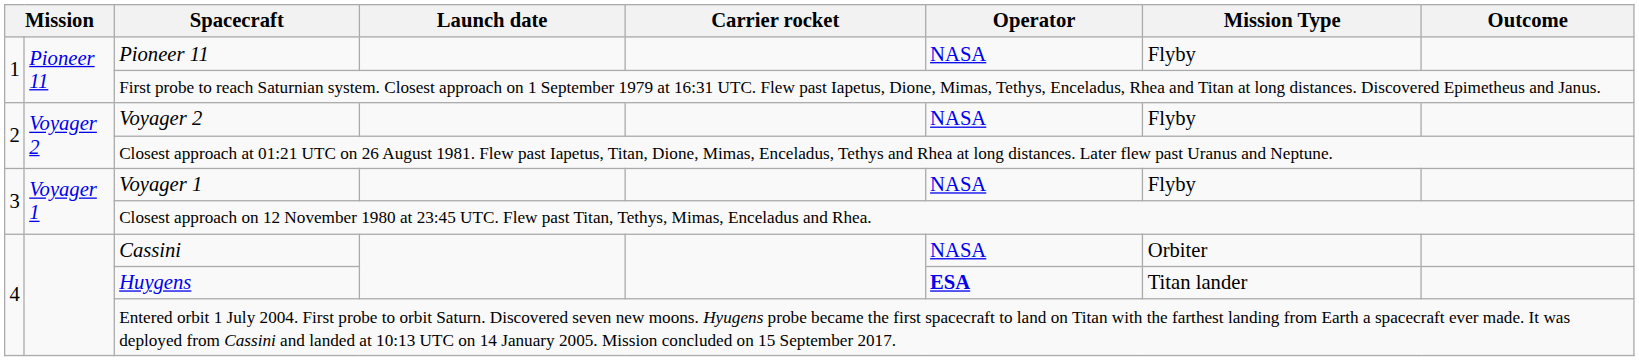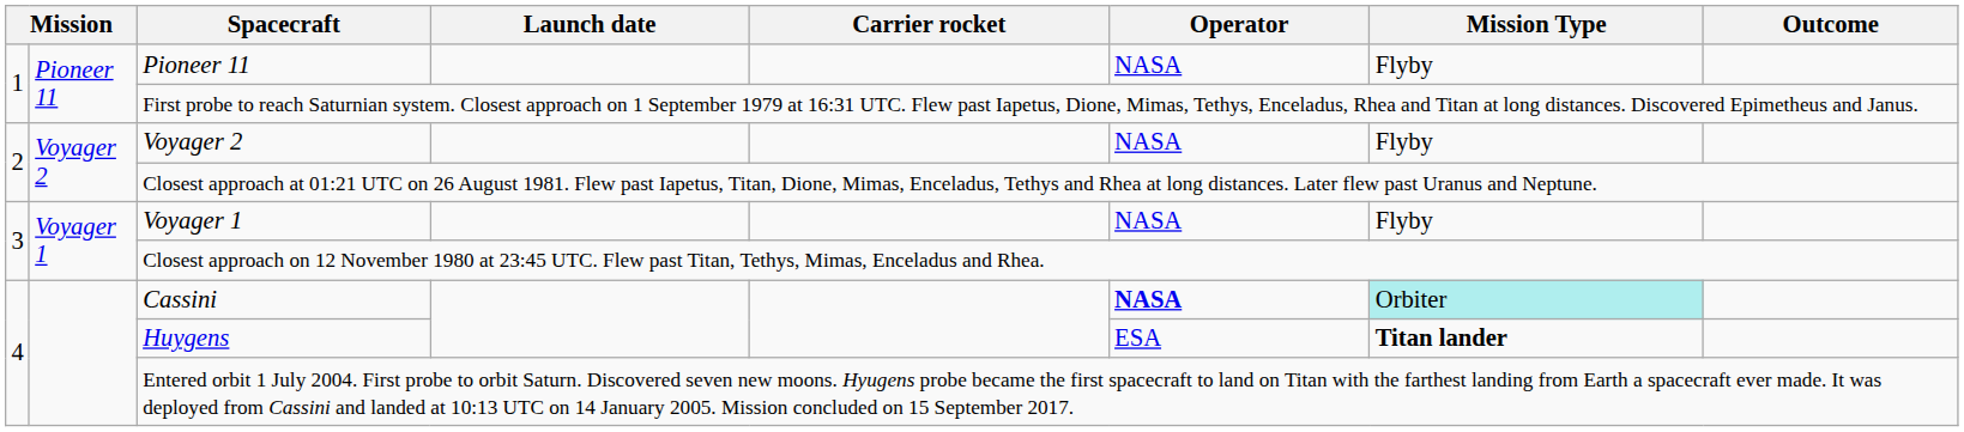 <table class="wikitable sortable sticky-header" style="width:100%">
 <tr>
 <th colspan="2">Mission</th>
 <th>Spacecraft</th>
 <th>Launch date</th>
 <th>Carrier rocket</th>
 <th>Operator</th>
 <th>Mission Type</th>
 <th>Outcome</th>
 </tr>
 <tr>
 <td rowspan="2">1</td>
 <td rowspan="2"><em><a href='#'>Pioneer 11</a></em></td>
 <td><em>Pioneer 11</em></td>
 <td></td>
 <td></td>
 <td> <a href='#'>NASA</a></td>
 <td>Flyby</td>
 <td></td>
 </tr>
 <tr>
 <td colspan="6"><small>First probe to reach Saturnian system. Closest approach on 1 September 1979 at 16:31 UTC. Flew past Iapetus, Dione, Mimas, Tethys, Enceladus, Rhea and Titan at long distances. Discovered Epimetheus and Janus.</small></td>
 </tr>
 <tr>
 <td rowspan="2">2</td>
 <td rowspan="2"><em><a href='#'>Voyager 2</a></em></td>
 <td><em>Voyager 2</em></td>
 <td></td>
 <td></td>
 <td> <a href='#'>NASA</a></td>
 <td>Flyby</td>
 <td></td>
 </tr>
 <tr>
 <td colspan="6"><small>Closest approach at 01:21 UTC on 26 August 1981. Flew past Iapetus, Titan, Dione, Mimas, Enceladus, Tethys and Rhea at long distances. Later flew past Uranus and Neptune.</small></td>
 </tr>
 <tr>
 <td rowspan="2">3</td>
 <td rowspan="2"><em><a href='#'>Voyager 1</a></em></td>
 <td><em>Voyager 1</em></td>
 <td></td>
 <td></td>
 <td> <a href='#'>NASA</a></td>
 <td>Flyby</td>
 <td></td>
 </tr>
 <tr>
 <td colspan="6"><small>Closest approach on 12 November 1980 at 23:45 UTC. Flew past Titan, Tethys, Mimas, Enceladus and Rhea.</small></td>
 </tr>
 <tr>
 <td rowspan="3">4</td>
 <td rowspan="3"></td>
 <td><em>Cassini</em></td>
 <td rowspan="2"></td>
 <td rowspan="2"></td>
-<td> <a href='#'>NASA</a></td>
-<td>Orbiter</td>
+<td><strong> <a href='#'>NASA</a></strong></td>
+<td style="background: paleturquoise;">Orbiter</td>
 <td></td>
 </tr>
 <tr>
 <td><em><a href='#'>Huygens</a></em></td>
-<td><strong> <a href='#'>ESA</a></strong></td>
-<td>Titan lander</td>
+<td> <a href='#'>ESA</a></td>
+<td><strong>Titan lander</strong></td>
 <td></td>
 </tr>
 <tr>
 <td colspan="6"><small>Entered orbit 1 July 2004. First probe to orbit Saturn. Discovered seven new moons. <em>Hyugens</em> probe became the  first spacecraft to land on Titan with the farthest landing from Earth a spacecraft ever made. It was deployed from <em>Cassini</em> and landed at 10:13 UTC on 14 January 2005. Mission concluded on 15 September 2017.</small></td>
 </tr>
 </table>
